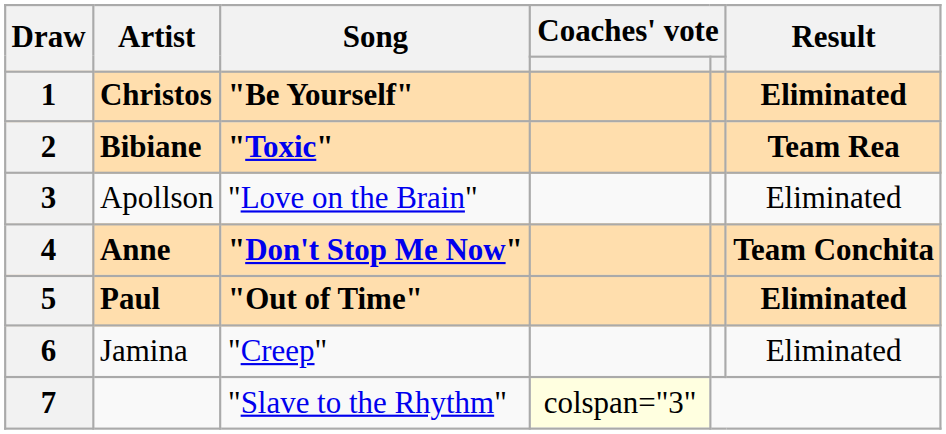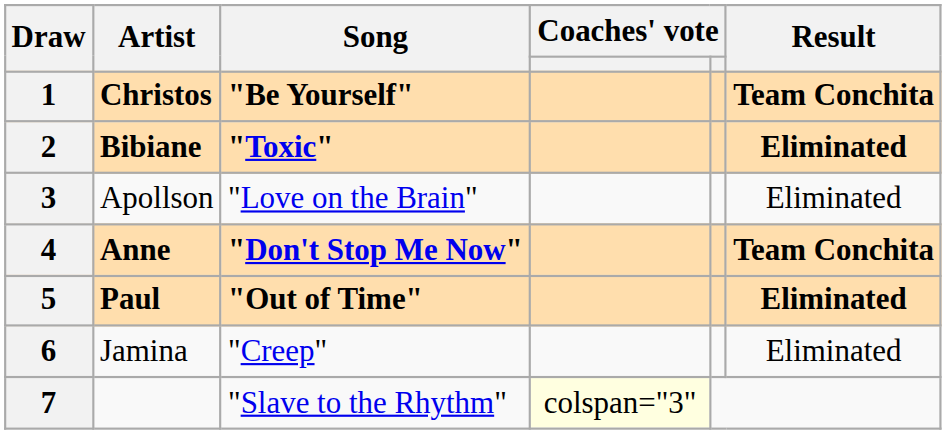 <table class="wikitable sortable plainrowheaders" style="margin: 1em auto 1em; font-size:90%; text-align:center;">
 <tr>
 <th rowspan="2">Draw</th>
 <th rowspan="2">Artist</th>
 <th rowspan="2">Song</th>
 <th colspan="2">Coaches' vote</th>
 <th rowspan="2">Result</th>
 </tr>
 <tr>
 <th></th>
 <th></th>
 </tr>
 <tr style="font-weight:bold; background:navajowhite;">
 <th scope="row" style="text-align:center">1</th>
 <td align="left">Christos</td>
 <td align="left">"Be Yourself"</td>
 <td></td>
 <td></td>
-<td>Eliminated</td>
+<td>Team Conchita</td>
 </tr>
 <tr style="font-weight:bold; background:navajowhite;">
 <th scope="row" style="text-align:center">2</th>
 <td align="left">Bibiane</td>
 <td align="left">"<a href='#'>Toxic</a>"</td>
 <td></td>
 <td></td>
-<td>Team Rea</td>
+<td>Eliminated</td>
 </tr>
 <tr>
 <th scope="row" style="text-align:center">3</th>
 <td align="left">Apollson</td>
 <td align="left">"<a href='#'>Love on the Brain</a>"</td>
 <td></td>
 <td></td>
 <td>Eliminated</td>
 </tr>
 <tr style="font-weight:bold; background:navajowhite;">
 <th scope="row" style="text-align:center">4</th>
 <td align="left">Anne</td>
 <td align="left">"<a href='#'>Don't Stop Me Now</a>"</td>
 <td></td>
 <td></td>
 <td>Team Conchita</td>
 </tr>
 <tr style="font-weight:bold; background:navajowhite;">
 <th scope="row" style="text-align:center">5</th>
 <td align="left">Paul</td>
 <td align="left">"Out of Time"</td>
 <td></td>
 <td></td>
 <td>Eliminated</td>
 </tr>
 <tr>
 <th scope="row" style="text-align:center">6</th>
 <td align="left">Jamina</td>
 <td align="left">"<a href='#'>Creep</a>"</td>
 <td></td>
 <td></td>
 <td>Eliminated</td>
 </tr>
 <tr>
 <th scope="row" style="text-align:center">7</th>
 <td align="left"></td>
 <td align="left">"<a href='#'>Slave to the Rhythm</a>"</td>
 <td style="background: lightyellow;">colspan="3" </td>
 </tr>
 </table>
